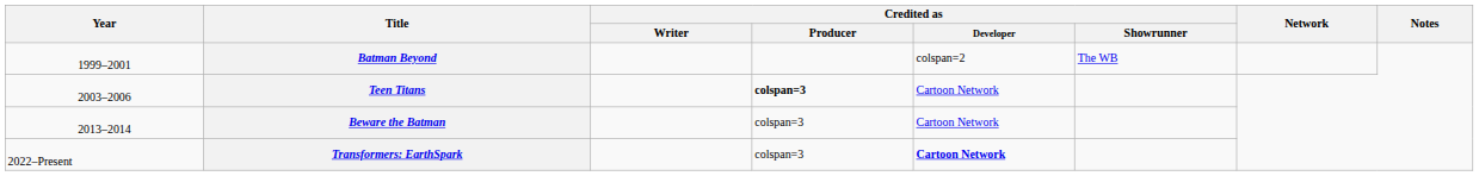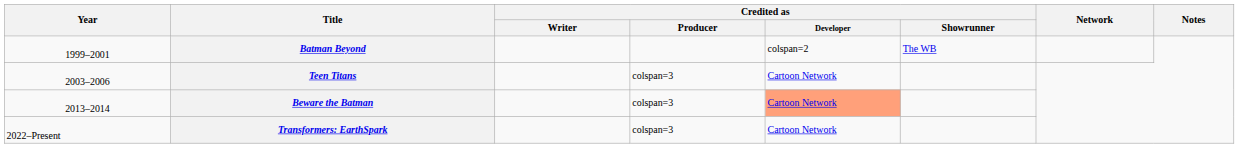 <table class="wikitable plainrowheaders" style="margin-right:auto; margin-right:auto; width:100%;" style="text-align:center;">
 <tr>
 <th rowspan="2">Year</th>
 <th rowspan="2">Title</th>
 <th colspan="4">Credited as</th>
 <th rowspan="2">Network</th>
 <th rowspan="2">Notes</th>
 </tr>
 <tr>
 <th width="11%">Writer</th>
 <th width="11%">Producer</th>
 <th width="11%"><small>Developer</small></th>
 <th width="11%">Showrunner</th>
 </tr>
 <tr>
 <td style="text-align:center;"><br>1999–2001</td>
 <th scope="row"><em><a href='#'>Batman Beyond</a></em></th>
 <td></td>
 <td></td>
 <td>colspan=2 </td>
 <td><a href='#'>The WB</a></td>
 <td></td>
 </tr>
 <tr>
 <td style="text-align:center;"><br>2003–2006</td>
 <th scope="row"><em><a href='#'>Teen Titans</a></em></th>
 <td></td>
-<td><strong>colspan=3 </strong></td>
+<td>colspan=3 </td>
 <td><a href='#'>Cartoon Network</a></td>
 <td></td>
 </tr>
 <tr>
 <td style="text-align:center;"><br>2013–2014</td>
 <th scope="row"><em><a href='#'>Beware the Batman</a></em></th>
 <td></td>
 <td>colspan=3 </td>
-<td><a href='#'>Cartoon Network</a></td>
+<td style="background: lightsalmon;"><a href='#'>Cartoon Network</a></td>
 <td></td>
 </tr>
 <tr>
 <td style="text-aling:center;"><br>2022–Present</td>
 <th Scope="row"><em><a href='#'>Transformers: EarthSpark</a></em></th>
 <td></td>
 <td>colspan=3 </td>
-<td><strong><a href='#'>Cartoon Network</a></strong></td>
+<td><a href='#'>Cartoon Network</a></td>
 <td></td>
 </tr>
 </table>
